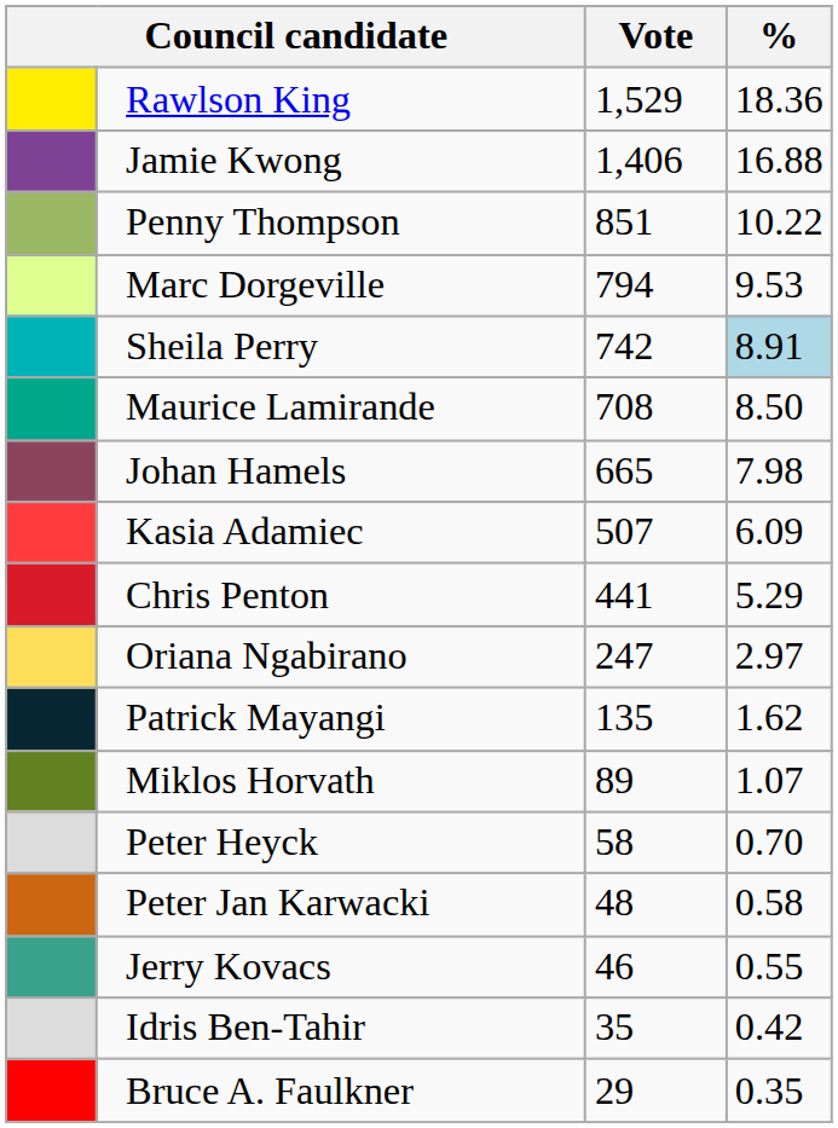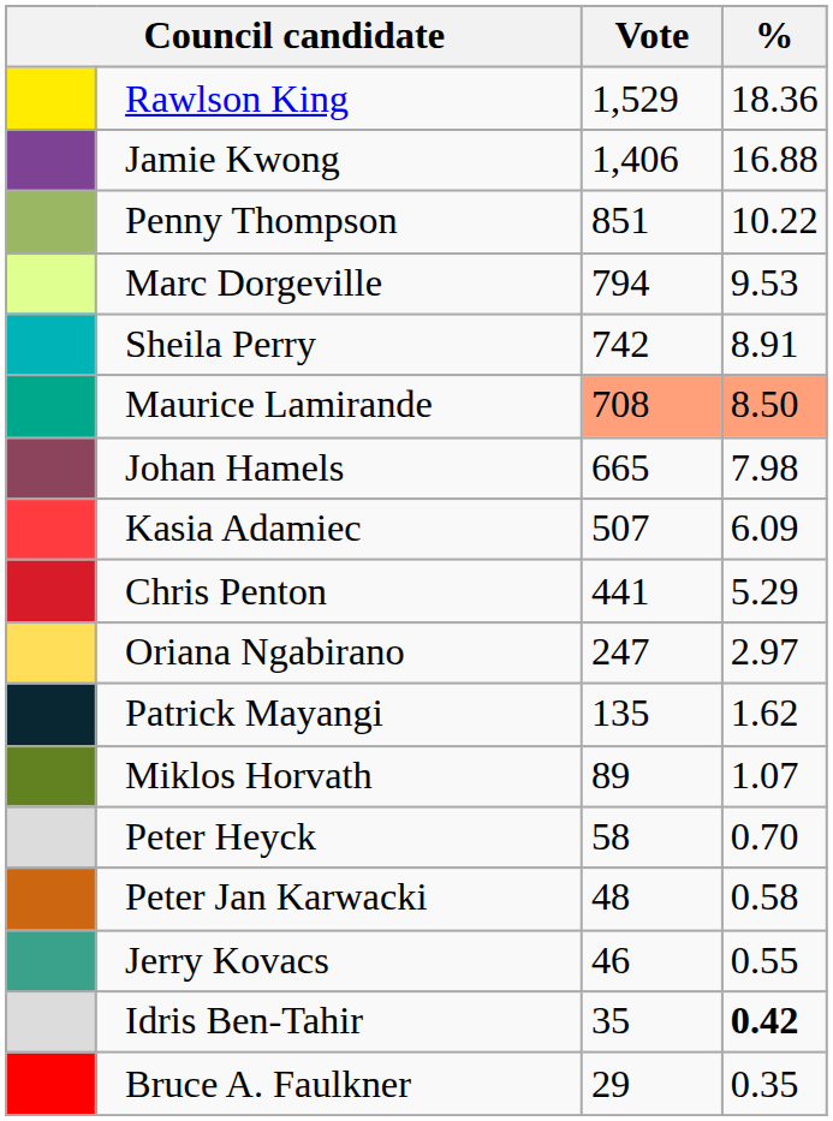 <table class="wikitable">
 <tr>
 <th bgcolor="#DDDDFF" width="230px" colspan="2">Council candidate</th>
 <th bgcolor="#DDDDFF" width="50px">Vote</th>
 <th bgcolor="#DDDDFF" width="30px">%</th>
 </tr>
 <tr>
 <td bgcolor=#FFEC00 width="30px"> </td>
 <td>  <a href='#'>Rawlson King</a></td>
 <td>1,529</td>
 <td>18.36</td>
 </tr>
 <tr>
 <td bgcolor=#7E4295 width="30px"> </td>
 <td>  Jamie Kwong</td>
 <td>1,406</td>
 <td>16.88</td>
 </tr>
 <tr>
 <td bgcolor=#9AB864 width="30px"> </td>
 <td>  Penny Thompson</td>
 <td>851</td>
 <td>10.22</td>
 </tr>
 <tr>
 <td bgcolor=#DFFF90 width="30px"> </td>
 <td>  Marc Dorgeville</td>
 <td>794</td>
 <td>9.53</td>
 </tr>
 <tr>
 <td bgcolor=#00B3B7 width="30px"> </td>
 <td>  Sheila Perry</td>
 <td>742</td>
-<td style="background: lightblue;">8.91</td>
+<td>8.91</td>
 </tr>
 <tr>
 <td bgcolor=#00A88B width="30px"> </td>
 <td>  Maurice Lamirande</td>
-<td>708</td>
-<td>8.50</td>
+<td style="background: lightsalmon;">708</td>
+<td style="background: lightsalmon;">8.50</td>
 </tr>
 <tr>
 <td bgcolor=#8C445C width="30px"> </td>
 <td>  Johan Hamels</td>
 <td>665</td>
 <td>7.98</td>
 </tr>
 <tr>
 <td bgcolor=#FF3B3F width="30px"> </td>
 <td>  Kasia Adamiec</td>
 <td>507</td>
 <td>6.09</td>
 </tr>
 <tr>
 <td bgcolor=#D71B29 width="30px"> </td>
 <td>  Chris Penton</td>
 <td>441</td>
 <td>5.29</td>
 </tr>
 <tr>
 <td bgcolor=#FFDE59 width="30px"> </td>
 <td>  Oriana Ngabirano</td>
 <td>247</td>
 <td>2.97</td>
 </tr>
 <tr>
 <td bgcolor=#082733 width="30px"> </td>
 <td>  Patrick Mayangi</td>
 <td>135</td>
 <td>1.62</td>
 </tr>
 <tr>
 <td bgcolor=#628221 width="30px"> </td>
 <td>  Miklos Horvath</td>
 <td>89</td>
 <td>1.07</td>
 </tr>
 <tr>
 <td bgcolor=#DCDCDC width="30px"> </td>
 <td>  Peter Heyck</td>
 <td>58</td>
 <td>0.70</td>
 </tr>
 <tr>
 <td bgcolor=#CC6611 width="30px"> </td>
 <td>  Peter Jan Karwacki</td>
 <td>48</td>
 <td>0.58</td>
 </tr>
 <tr>
 <td bgcolor=#3AA18A width="30px"> </td>
 <td>  Jerry Kovacs</td>
 <td>46</td>
 <td>0.55</td>
 </tr>
 <tr>
 <td bgcolor=#DCDCDC width="30px"> </td>
 <td>  Idris Ben-Tahir</td>
 <td>35</td>
-<td>0.42</td>
+<td><strong>0.42</strong></td>
 </tr>
 <tr>
 <td bgcolor=#ff0000 width="30px"> </td>
 <td>  Bruce A. Faulkner</td>
 <td>29</td>
 <td>0.35</td>
 </tr>
 </table>
